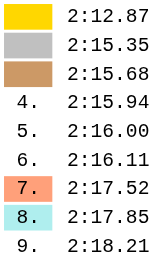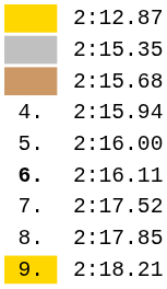 <table style="text-align:center">
 <tr>
 <td width=30 bgcolor=gold></td>
 <td align=left></td>
 <td width=60>2:12.87</td>
 </tr>
 <tr>
 <td bgcolor=silver></td>
 <td align=left></td>
 <td>2:15.35</td>
 </tr>
 <tr>
 <td bgcolor=cc9966></td>
 <td align=left></td>
 <td>2:15.68</td>
 </tr>
 <tr>
 <td>4.</td>
 <td align=left></td>
 <td>2:15.94</td>
 </tr>
 <tr>
 <td>5.</td>
 <td align=left></td>
 <td>2:16.00</td>
 </tr>
 <tr>
-<td>6.</td>
+<td><strong>6.</strong></td>
 <td align=left></td>
 <td>2:16.11</td>
 </tr>
 <tr>
-<td style="background: lightsalmon;">7.</td>
+<td>7.</td>
 <td align=left></td>
 <td>2:17.52</td>
 </tr>
 <tr>
-<td style="background: paleturquoise;">8.</td>
+<td>8.</td>
 <td align=left></td>
 <td>2:17.85</td>
 </tr>
 <tr>
-<td>9.</td>
+<td style="background: gold;">9.</td>
 <td align=left></td>
 <td>2:18.21</td>
 </tr>
 </table>
